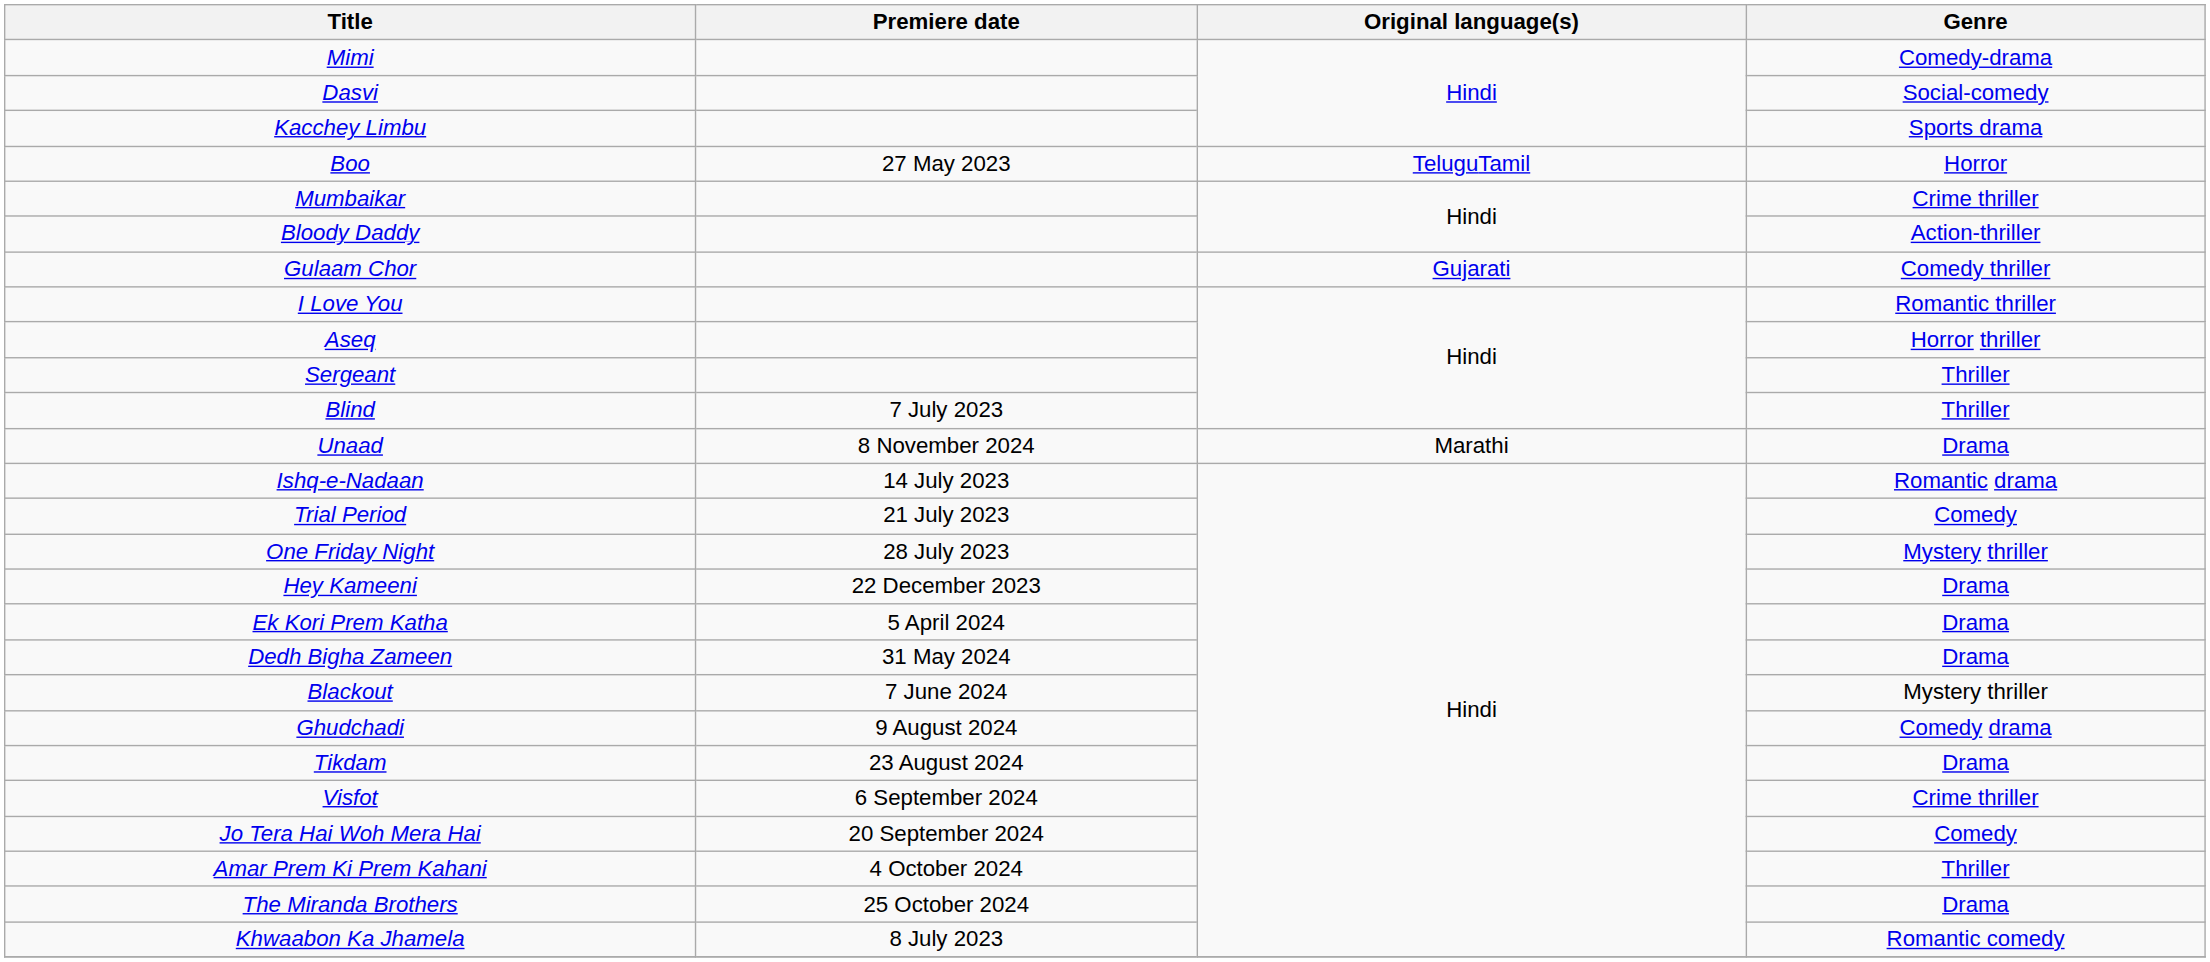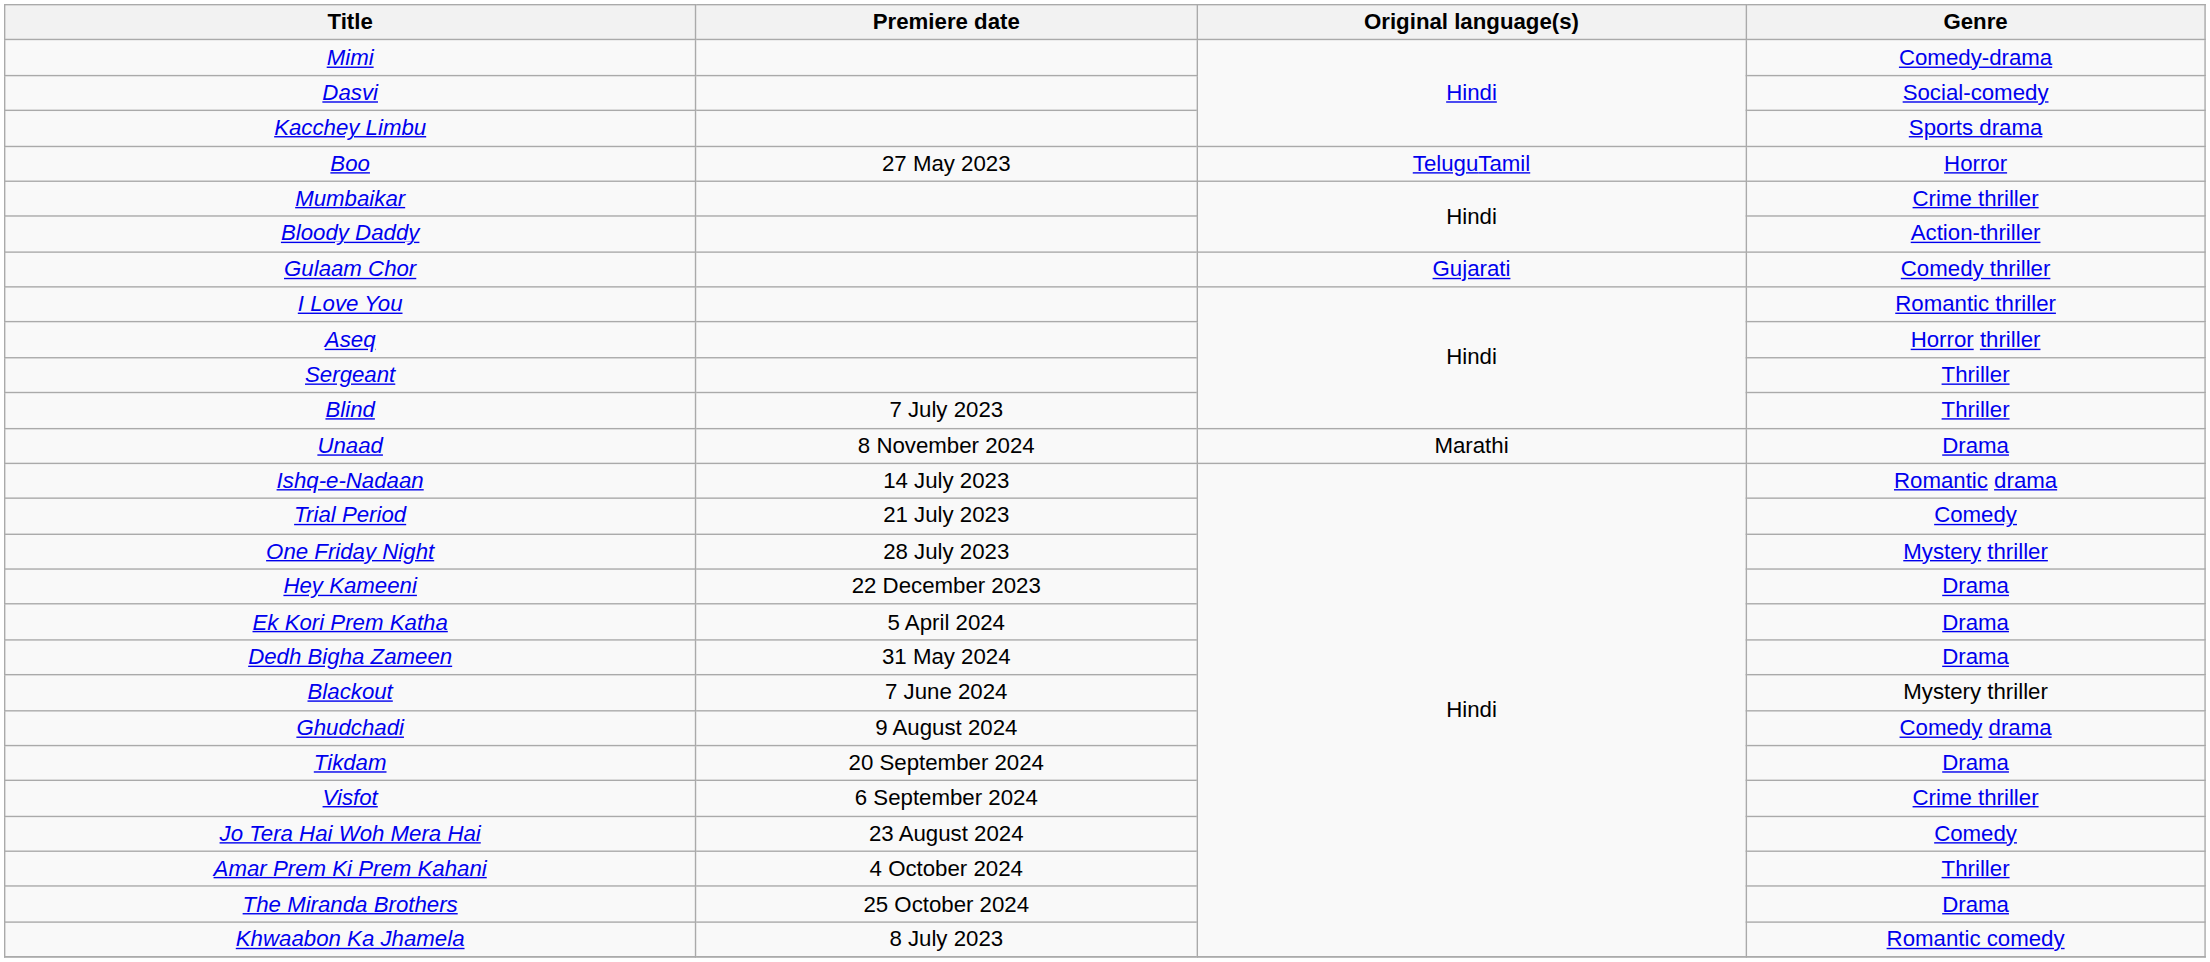 <table class="wikitable sortable" id="special_upcoming" style="width: 100%; text-align: center;">
 <tr>
 <th>Title</th>
 <th>Premiere date</th>
 <th>Original language(s)</th>
 <th>Genre</th>
 </tr>
 <tr>
 <td><em><a href='#'>Mimi</a></em></td>
 <td></td>
 <td rowspan="3"><a href='#'>Hindi</a></td>
 <td><a href='#'>Comedy-drama</a></td>
 </tr>
 <tr>
 <td><em><a href='#'>Dasvi</a></em></td>
 <td></td>
 <td><a href='#'>Social-comedy</a></td>
 </tr>
 <tr>
 <td><em><a href='#'>Kacchey Limbu</a></em></td>
 <td></td>
 <td><a href='#'>Sports drama</a></td>
 </tr>
 <tr>
 <td><em><a href='#'>Boo</a></em></td>
 <td>27 May 2023</td>
 <td><a href='#'>Telugu</a><a href='#'>Tamil</a></td>
 <td><a href='#'>Horror</a></td>
 </tr>
 <tr>
 <td><em><a href='#'>Mumbaikar</a></em></td>
 <td></td>
 <td rowspan="2">Hindi</td>
 <td><a href='#'>Crime thriller</a></td>
 </tr>
 <tr>
 <td><em><a href='#'>Bloody Daddy</a></em></td>
 <td></td>
 <td><a href='#'>Action-thriller</a></td>
 </tr>
 <tr>
 <td><em><a href='#'>Gulaam Chor</a></em></td>
 <td></td>
 <td><a href='#'>Gujarati</a></td>
 <td><a href='#'>Comedy thriller</a></td>
 </tr>
 <tr>
 <td><em><a href='#'>I Love You</a></em></td>
 <td></td>
 <td rowspan="4">Hindi</td>
 <td><a href='#'>Romantic thriller</a></td>
 </tr>
 <tr>
 <td><em><a href='#'>Aseq</a></em></td>
 <td></td>
 <td><a href='#'>Horror</a> <a href='#'>thriller</a></td>
 </tr>
 <tr>
 <td><em><a href='#'>Sergeant</a></em></td>
 <td></td>
 <td><a href='#'>Thriller</a></td>
 </tr>
 <tr>
 <td><em><a href='#'>Blind</a></em></td>
 <td>7 July 2023</td>
 <td><a href='#'>Thriller</a></td>
 </tr>
 <tr>
 <td><em><a href='#'>Unaad</a></em></td>
 <td>8 November 2024</td>
 <td>Marathi</td>
 <td><a href='#'>Drama</a></td>
 </tr>
 <tr>
 <td><em><a href='#'>Ishq-e-Nadaan</a></em></td>
 <td>14 July 2023</td>
 <td rowspan="14">Hindi</td>
 <td><a href='#'>Romantic</a> <a href='#'>drama</a></td>
 </tr>
 <tr>
 <td><em><a href='#'>Trial Period</a></em></td>
 <td>21 July 2023</td>
 <td><a href='#'>Comedy</a></td>
 </tr>
 <tr>
 <td><em><a href='#'>One Friday Night</a></em></td>
 <td>28 July 2023</td>
 <td><a href='#'>Mystery</a> <a href='#'>thriller</a></td>
 </tr>
 <tr>
 <td><em><a href='#'>Hey Kameeni</a></em></td>
 <td>22 December 2023</td>
 <td><a href='#'>Drama</a></td>
 </tr>
 <tr>
 <td><em><a href='#'>Ek Kori Prem Katha</a></em></td>
 <td>5 April 2024</td>
 <td><a href='#'>Drama</a></td>
 </tr>
 <tr>
 <td><em><a href='#'>Dedh Bigha Zameen</a></em></td>
 <td>31 May 2024</td>
 <td><a href='#'>Drama</a></td>
 </tr>
 <tr>
 <td><em><a href='#'>Blackout</a></em></td>
 <td>7 June 2024</td>
 <td>Mystery thriller</td>
 </tr>
 <tr>
 <td><em><a href='#'>Ghudchadi</a></em></td>
 <td>9 August 2024</td>
 <td><a href='#'>Comedy</a> <a href='#'>drama</a></td>
 </tr>
 <tr>
 <td><em><a href='#'>Tikdam</a></em></td>
-<td>23 August 2024</td>
+<td>20 September 2024</td>
 <td><a href='#'>Drama</a></td>
 </tr>
 <tr>
 <td><em><a href='#'>Visfot</a></em></td>
 <td>6 September 2024</td>
 <td><a href='#'>Crime thriller</a></td>
 </tr>
 <tr>
 <td><em><a href='#'>Jo Tera Hai Woh Mera Hai</a></em></td>
-<td>20 September 2024</td>
+<td>23 August 2024</td>
 <td><a href='#'>Comedy</a></td>
 </tr>
 <tr>
 <td><em><a href='#'>Amar Prem Ki Prem Kahani</a></em></td>
 <td>4 October 2024</td>
 <td><a href='#'>Thriller</a></td>
 </tr>
 <tr>
 <td><em><a href='#'>The Miranda Brothers</a></em></td>
 <td>25 October 2024</td>
 <td><a href='#'>Drama</a></td>
 </tr>
 <tr>
 <td><em><a href='#'>Khwaabon Ka Jhamela</a></em></td>
 <td>8 July 2023</td>
 <td><a href='#'>Romantic comedy</a></td>
 </tr>
 <tr>
 </tr>
 </table>
